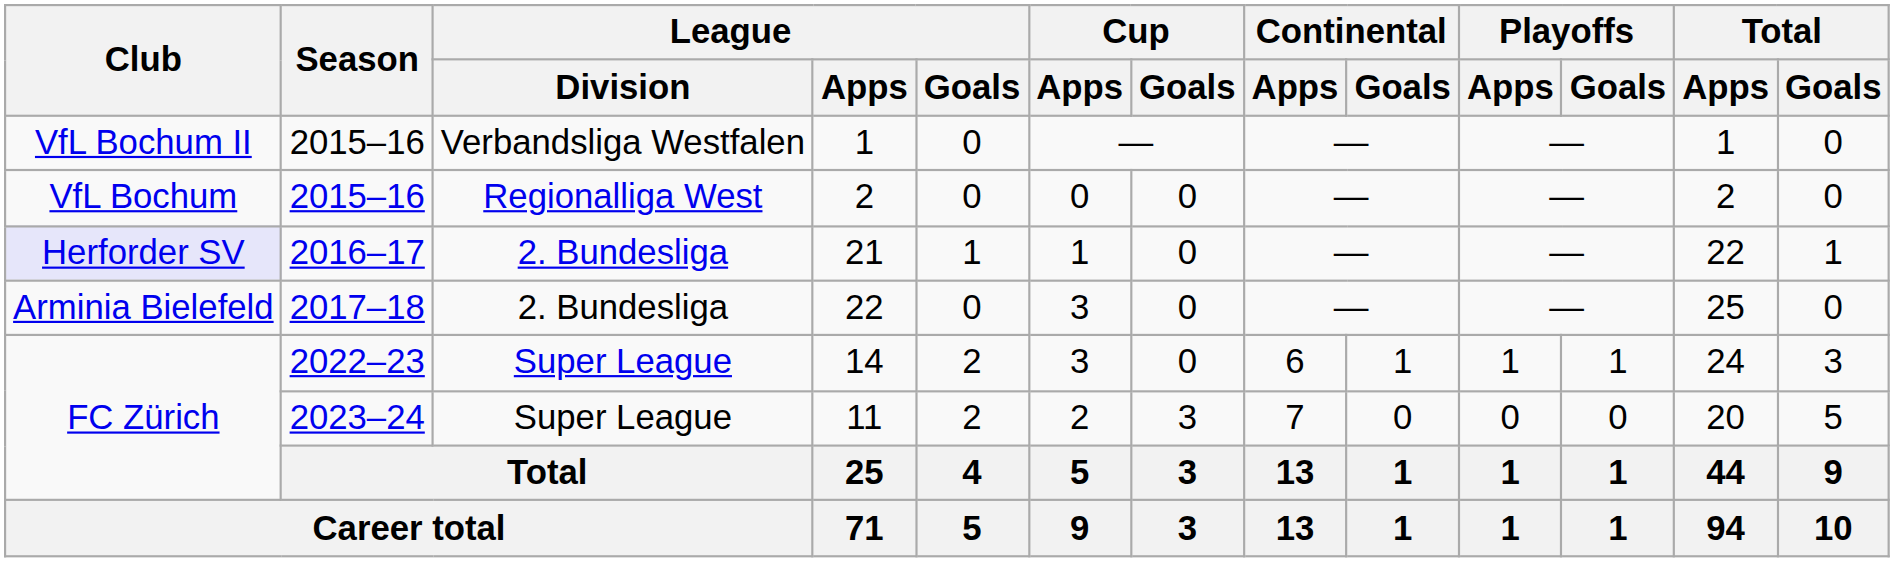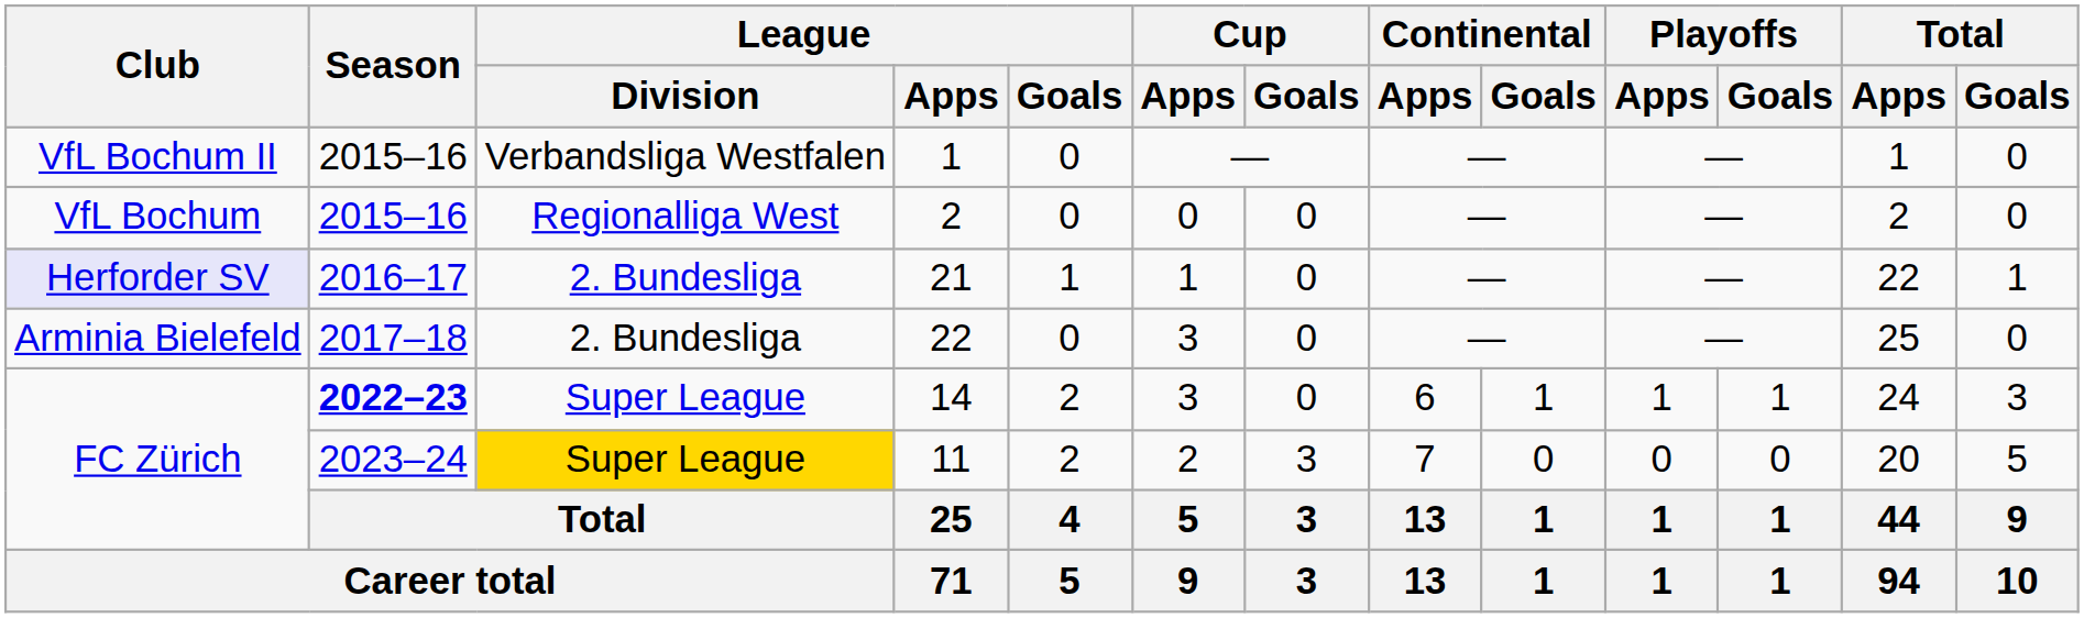 <table class="wikitable" style="text-align:center">
 <tr>
 <th rowspan="2">Club</th>
 <th rowspan="2">Season</th>
 <th colspan="3">League</th>
 <th colspan="2">Cup</th>
 <th colspan="2">Continental</th>
 <th colspan="2">Playoffs</th>
 <th colspan="2">Total</th>
 </tr>
 <tr>
 <th>Division</th>
 <th>Apps</th>
 <th>Goals</th>
 <th>Apps</th>
 <th>Goals</th>
 <th>Apps</th>
 <th>Goals</th>
 <th>Apps</th>
 <th>Goals</th>
 <th>Apps</th>
 <th>Goals</th>
 </tr>
 <tr>
 <td><a href='#'>VfL Bochum II</a></td>
 <td>2015–16</td>
 <td>Verbandsliga Westfalen</td>
 <td>1</td>
 <td>0</td>
 <td colspan="2">—</td>
 <td colspan="2">—</td>
 <td colspan="2">—</td>
 <td>1</td>
 <td>0</td>
 </tr>
 <tr>
 <td><a href='#'>VfL Bochum</a></td>
 <td><a href='#'>2015–16</a></td>
 <td><a href='#'>Regionalliga West</a></td>
 <td>2</td>
 <td>0</td>
 <td>0</td>
 <td>0</td>
 <td colspan="2">—</td>
 <td colspan="2">—</td>
 <td>2</td>
 <td>0</td>
 </tr>
 <tr>
 <td style="background: lavender;"><a href='#'>Herforder SV</a></td>
 <td><a href='#'>2016–17</a></td>
 <td><a href='#'>2. Bundesliga</a></td>
 <td>21</td>
 <td>1</td>
 <td>1</td>
 <td>0</td>
 <td colspan="2">—</td>
 <td colspan="2">—</td>
 <td>22</td>
 <td>1</td>
 </tr>
 <tr>
 <td><a href='#'>Arminia Bielefeld</a></td>
 <td><a href='#'>2017–18</a></td>
 <td>2. Bundesliga</td>
 <td>22</td>
 <td>0</td>
 <td>3</td>
 <td>0</td>
 <td colspan="2">—</td>
 <td colspan="2">—</td>
 <td>25</td>
 <td>0</td>
 </tr>
 <tr>
 <td rowspan="3"><a href='#'>FC Zürich</a></td>
-<td><a href='#'>2022–23</a></td>
+<td><strong><a href='#'>2022–23</a></strong></td>
 <td><a href='#'>Super League</a></td>
 <td>14</td>
 <td>2</td>
 <td>3</td>
 <td>0</td>
 <td>6</td>
 <td>1</td>
 <td>1</td>
 <td>1</td>
 <td>24</td>
 <td>3</td>
 </tr>
 <tr>
 <td><a href='#'>2023–24</a></td>
-<td>Super League</td>
+<td style="background: gold;">Super League</td>
 <td>11</td>
 <td>2</td>
 <td>2</td>
 <td>3</td>
 <td>7</td>
 <td>0</td>
 <td>0</td>
 <td>0</td>
 <td>20</td>
 <td>5</td>
 </tr>
 <tr>
 <th colspan=2>Total</th>
 <th>25</th>
 <th>4</th>
 <th>5</th>
 <th>3</th>
 <th>13</th>
 <th>1</th>
 <th>1</th>
 <th>1</th>
 <th>44</th>
 <th>9</th>
 </tr>
 <tr>
 <th colspan=3>Career total</th>
 <th>71</th>
 <th>5</th>
 <th>9</th>
 <th>3</th>
 <th>13</th>
 <th>1</th>
 <th>1</th>
 <th>1</th>
 <th>94</th>
 <th>10</th>
 </tr>
 </table>
